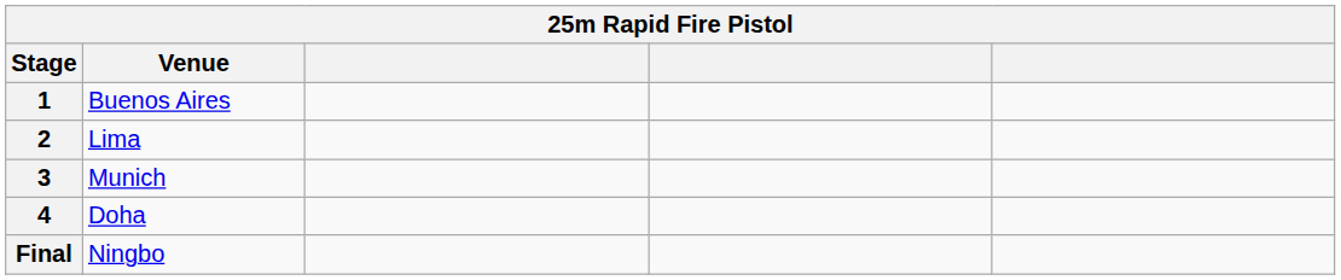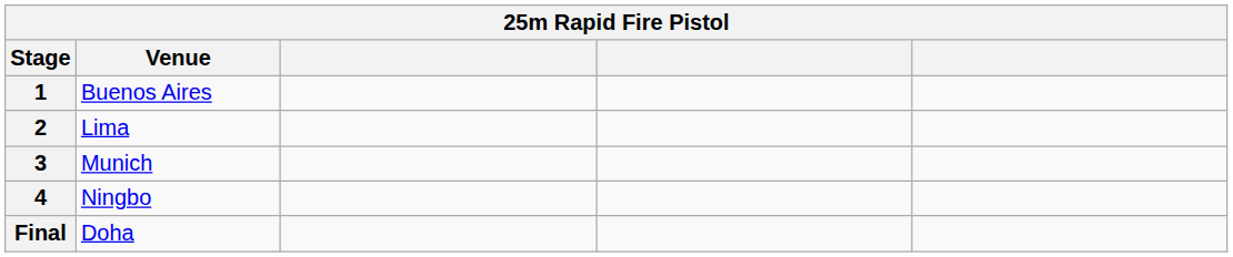 <table class="wikitable">
 <tr>
 <th colspan="5">25m Rapid Fire Pistol</th>
 </tr>
 <tr>
 <th>Stage</th>
 <th width=140>Venue</th>
 <th width=220></th>
 <th width=220></th>
 <th width=220></th>
 </tr>
 <tr>
 <th>1</th>
 <td> <a href='#'>Buenos Aires</a></td>
 <td></td>
 <td></td>
 <td></td>
 </tr>
 <tr>
 <th>2</th>
 <td> <a href='#'>Lima</a></td>
 <td></td>
 <td></td>
 <td></td>
 </tr>
 <tr>
 <th>3</th>
 <td> <a href='#'>Munich</a></td>
 <td></td>
 <td></td>
 <td></td>
 </tr>
 <tr>
 <th>4</th>
-<td> <a href='#'>Doha</a></td>
+<td> <a href='#'>Ningbo</a></td>
 <td></td>
 <td></td>
 <td></td>
 </tr>
 <tr>
 <th>Final</th>
-<td> <a href='#'>Ningbo</a></td>
+<td> <a href='#'>Doha</a></td>
 <td></td>
 <td></td>
 <td></td>
 </tr>
 </table>
